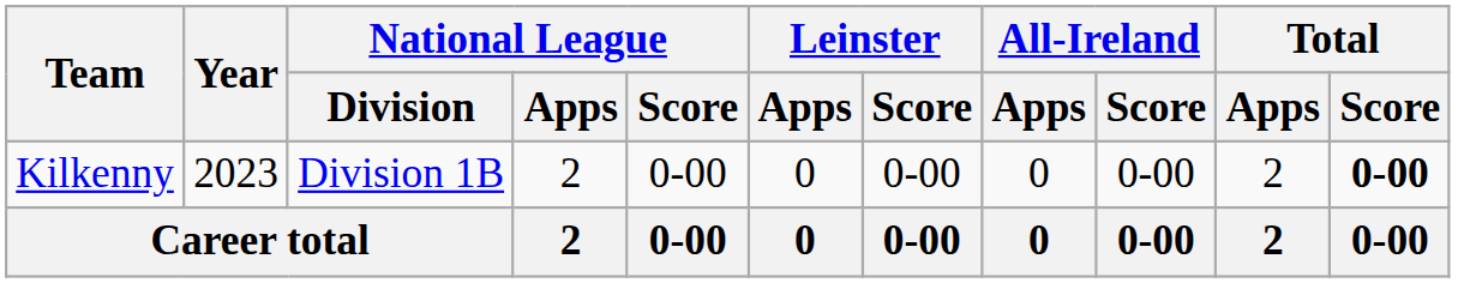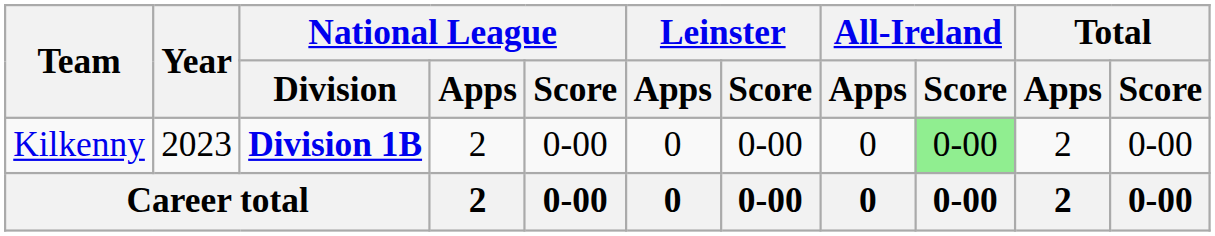 <table class="wikitable" style="text-align:center">
 <tr>
 <th rowspan="2">Team</th>
 <th rowspan="2">Year</th>
 <th colspan="3"><a href='#'>National League</a></th>
 <th colspan="2"><a href='#'>Leinster</a></th>
 <th colspan="2"><a href='#'>All-Ireland</a></th>
 <th colspan="2">Total</th>
 </tr>
 <tr>
 <th>Division</th>
 <th>Apps</th>
 <th>Score</th>
 <th>Apps</th>
 <th>Score</th>
 <th>Apps</th>
 <th>Score</th>
 <th>Apps</th>
 <th>Score</th>
 </tr>
 <tr>
 <td rowspan="1"><a href='#'>Kilkenny</a></td>
 <td>2023</td>
-<td rowspan="1"><a href='#'>Division 1B</a></td>
+<td rowspan="1"><strong><a href='#'>Division 1B</a></strong></td>
 <td>2</td>
 <td>0-00</td>
 <td>0</td>
 <td>0-00</td>
 <td>0</td>
+<td style="background: lightgreen;">0-00</td>
+<td>2</td>
 <td>0-00</td>
-<td>2</td>
-<td><strong>0-00</strong></td>
 </tr>
 <tr>
 <th colspan="3">Career total</th>
 <th>2</th>
 <th>0-00</th>
 <th>0</th>
 <th>0-00</th>
 <th>0</th>
 <th>0-00</th>
 <th>2</th>
 <th>0-00</th>
 </tr>
 </table>
